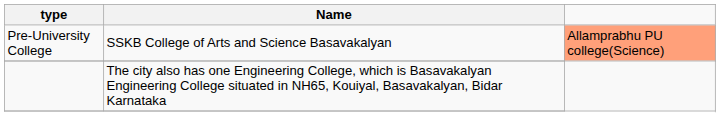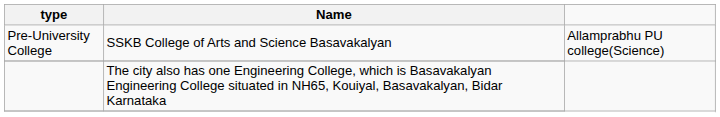 <table class="wikitable">
 <tr>
 <th>type</th>
 <th>Name</th>
 </tr>
 <tr>
 <td>Pre-University College</td>
 <td>SSKB College of Arts and Science Basavakalyan</td>
-<td style="background: lightsalmon;">Allamprabhu PU college(Science)</td>
+<td>Allamprabhu PU college(Science)</td>
 </tr>
 <tr>
 </tr>
 <tr>
 </tr>
 <tr>
 </tr>
 <tr>
 <td></td>
 <td>The city also has one Engineering College, which is Basavakalyan Engineering College situated in NH65, Kouiyal, Basavakalyan, Bidar Karnataka</td>
 </tr>
 <tr>
 </tr>
 </table>
